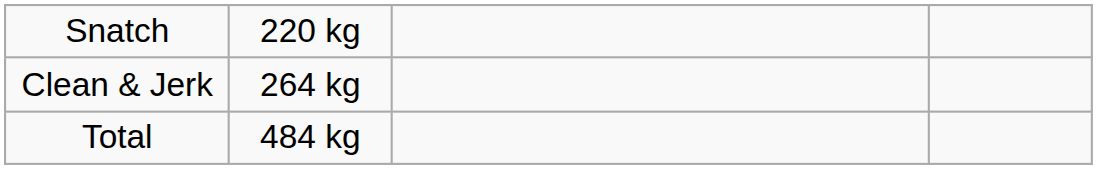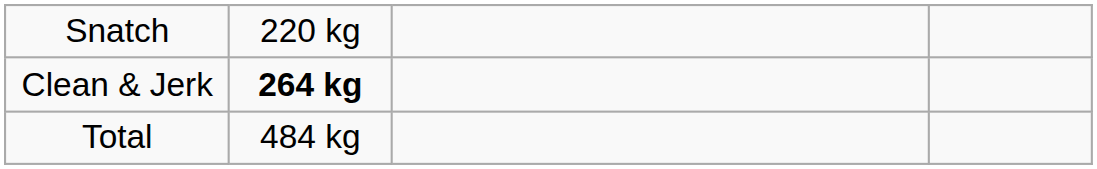 <table class = "wikitable" style="text-align:center;">
 <tr>
 <td width=100>Snatch</td>
 <td width=70>220 kg</td>
 <td width=250 align=left></td>
 <td width=70></td>
 </tr>
 <tr>
 <td>Clean & Jerk</td>
-<td>264 kg</td>
+<td><strong>264 kg</strong></td>
 <td align=left></td>
 <td></td>
 </tr>
 <tr>
 <td>Total</td>
 <td>484 kg</td>
 <td align=left></td>
 <td></td>
 </tr>
 </table>
